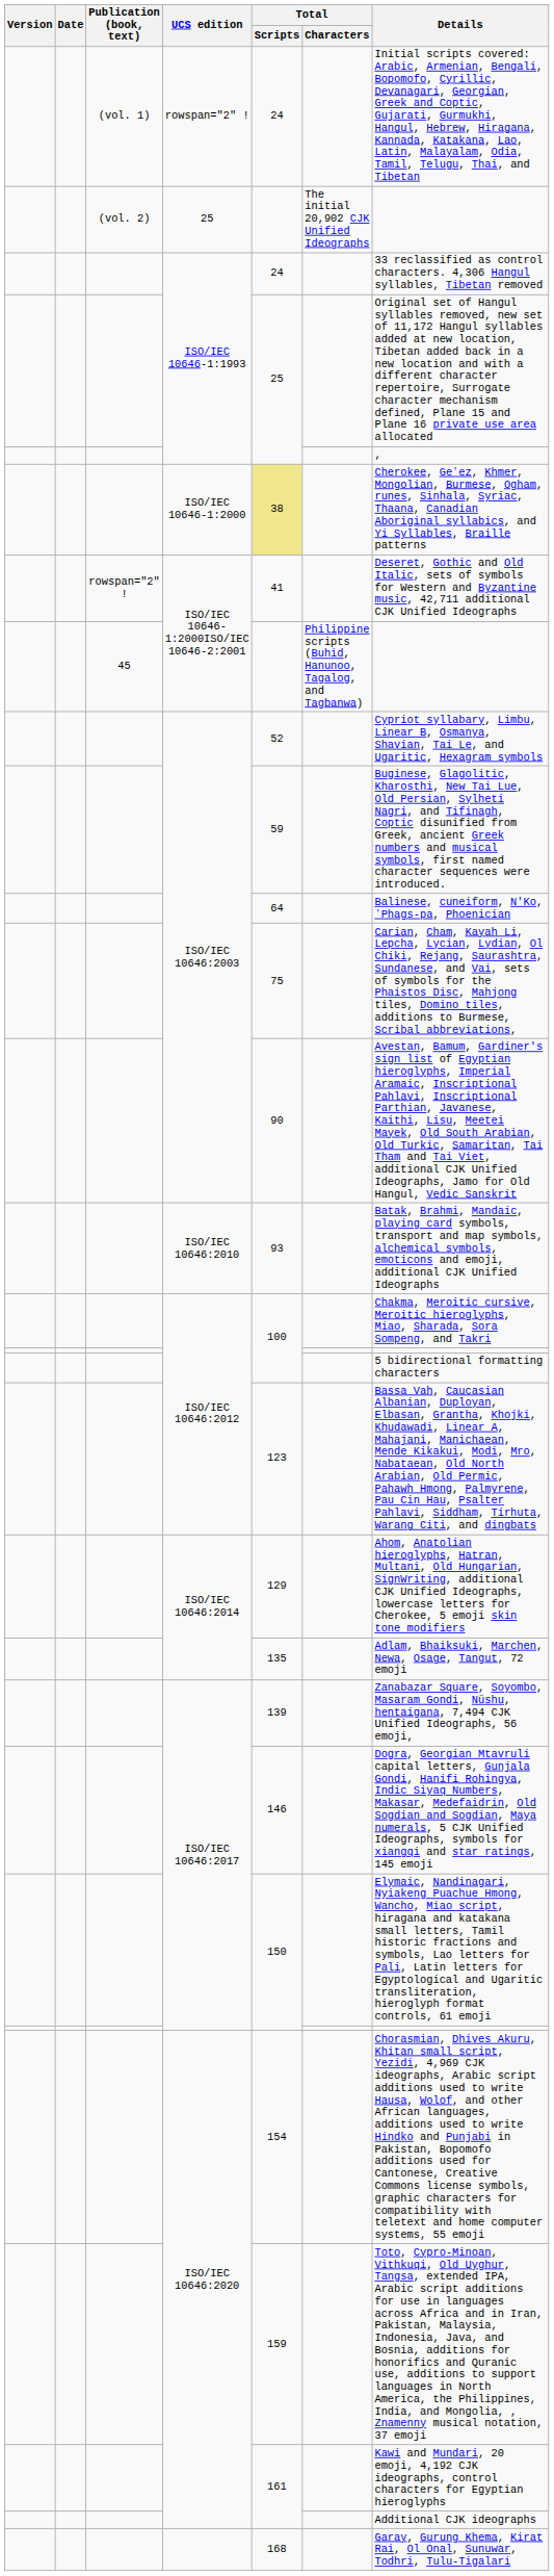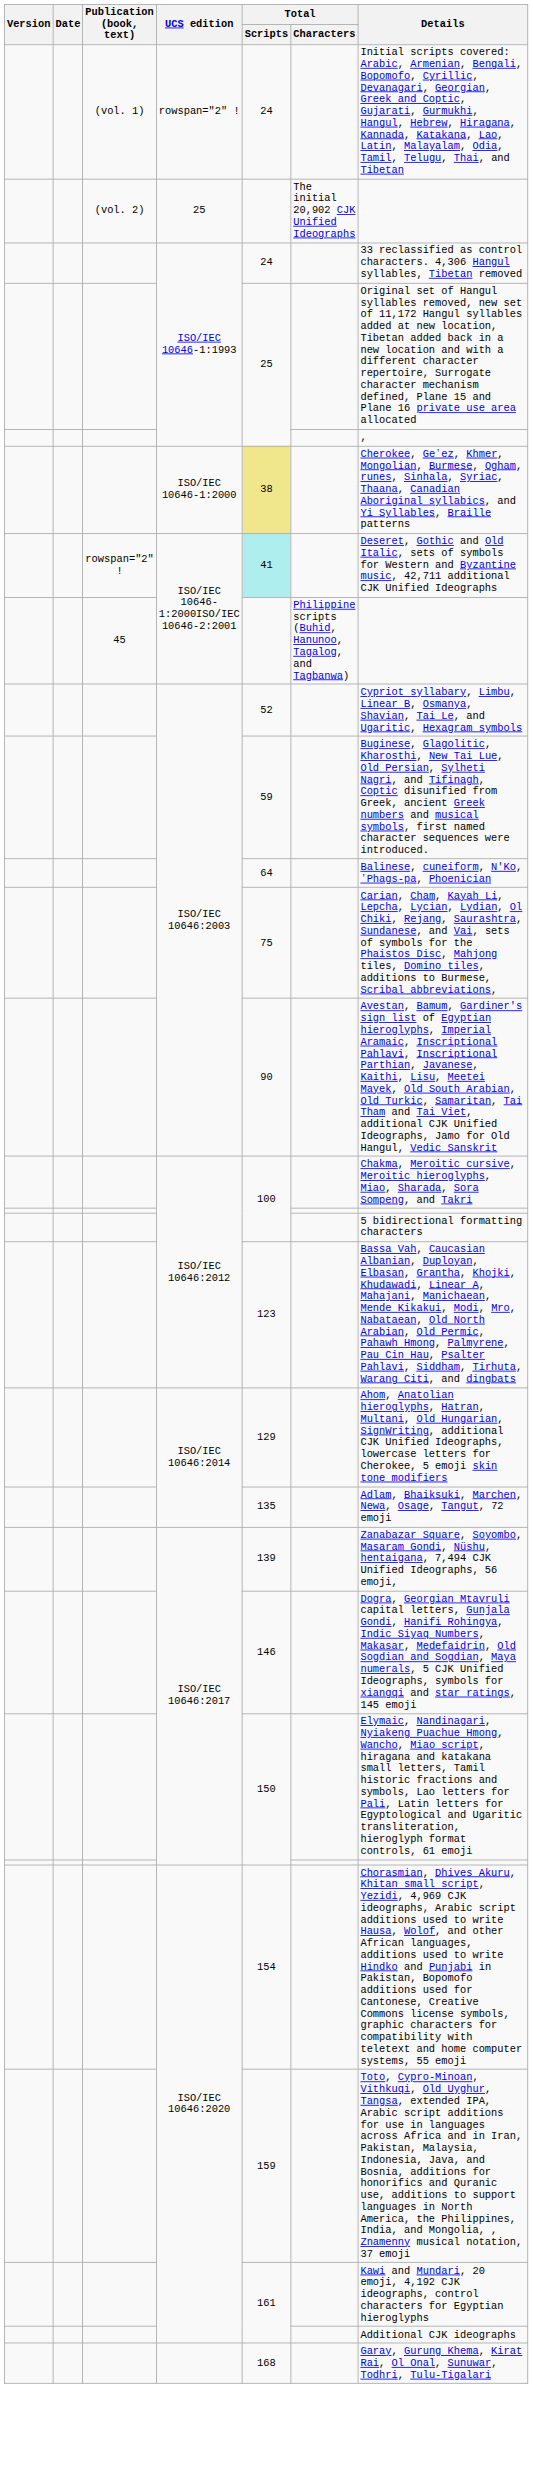 <table class="wikitable sortable sticky-header-multi" style="font-size:95%; width:100%; text-align:center">
 <tr>
 <th scope="col" rowspan="2">Version</th>
 <th scope="col" rowspan="2">Date</th>
 <th scope="col" rowspan="2" class="unsortable">Publication<br>(book, text)</th>
 <th scope="col" rowspan="2"><a href='#'>UCS</a> edition</th>
 <th colspan="2">Total</th>
 <th scope="col" rowspan="2" style="width:44%" class="unsortable">Details</th>
 </tr>
 <tr>
 <th scope="col">Scripts</th>
 <th scope="col">Characters</th>
 </tr>
 <tr id="1.0.0">
 <td></td>
 <td></td>
 <td> (vol. 1)</td>
 <td>rowspan="2" ! </td>
 <td>24</td>
 <td></td>
 <td style="text-align:left">Initial scripts covered: <a href='#'>Arabic</a>, <a href='#'>Armenian</a>, <a href='#'>Bengali</a>, <a href='#'>Bopomofo</a>, <a href='#'>Cyrillic</a>, <a href='#'>Devanagari</a>, <a href='#'>Georgian</a>, <a href='#'>Greek and Coptic</a>, <a href='#'>Gujarati</a>, <a href='#'>Gurmukhi</a>, <a href='#'>Hangul</a>, <a href='#'>Hebrew</a>, <a href='#'>Hiragana</a>, <a href='#'>Kannada</a>, <a href='#'>Katakana</a>, <a href='#'>Lao</a>, <a href='#'>Latin</a>, <a href='#'>Malayalam</a>, <a href='#'>Odia</a>, <a href='#'>Tamil</a>, <a href='#'>Telugu</a>, <a href='#'>Thai</a>, and <a href='#'>Tibetan</a></td>
 </tr>
 <tr id="1.0.1">
 <td></td>
 <td></td>
 <td> (vol. 2)</td>
 <td>25</td>
 <td></td>
 <td style="text-align:left">The initial 20,902 <a href='#'>CJK Unified Ideographs</a></td>
 </tr>
 <tr id="1.1">
 <td></td>
 <td></td>
 <td></td>
 <td rowspan="3"><a href='#'>ISO/IEC 10646</a>-1:1993<br></td>
 <td>24</td>
 <td></td>
 <td style="text-align:left">33 reclassified as control characters. 4,306 <a href='#'>Hangul</a> syllables, <a href='#'>Tibetan</a> removed</td>
 </tr>
 <tr id="2.0">
 <td></td>
 <td></td>
 <td></td>
 <td rowspan="2">25</td>
 <td></td>
 <td style="text-align:left">Original set of Hangul syllables removed, new set of 11,172 Hangul syllables added at new location, Tibetan added back in a new location and with a different character repertoire, Surrogate character mechanism defined, Plane 15 and Plane 16 <a href='#'>private use area</a> allocated</td>
 </tr>
 <tr id="2.1">
 <td></td>
 <td></td>
 <td></td>
 <td></td>
 <td style="text-align:left"><a href='#'></a>, <a href='#'></a></td>
 </tr>
 <tr id="3.0">
 <td></td>
 <td></td>
 <td></td>
 <td>ISO/IEC 10646-1:2000</td>
 <td style="background: khaki;">38</td>
 <td></td>
 <td style="text-align:left"><a href='#'>Cherokee</a>, <a href='#'>Geʽez</a>, <a href='#'>Khmer</a>, <a href='#'>Mongolian</a>, <a href='#'>Burmese</a>, <a href='#'>Ogham</a>, <a href='#'>runes</a>, <a href='#'>Sinhala</a>, <a href='#'>Syriac</a>, <a href='#'>Thaana</a>, <a href='#'>Canadian Aboriginal syllabics</a>, and <a href='#'>Yi Syllables</a>, <a href='#'>Braille</a> patterns</td>
 </tr>
 <tr id="3.1">
 <td></td>
 <td></td>
 <td>rowspan="2" ! </td>
 <td rowspan="2">ISO/IEC 10646-1:2000ISO/IEC 10646-2:2001</td>
-<td>41</td>
+<td style="background: paleturquoise;">41</td>
 <td></td>
 <td style="text-align:left"><a href='#'>Deseret</a>, <a href='#'>Gothic</a> and <a href='#'>Old Italic</a>, sets of symbols for Western and <a href='#'>Byzantine music</a>, 42,711 additional CJK Unified Ideographs</td>
 </tr>
 <tr id="3.2">
 <td></td>
 <td></td>
 <td>45</td>
 <td></td>
 <td style="text-align:left"><a href='#'>Philippine</a> scripts (<a href='#'>Buhid</a>, <a href='#'>Hanunoo</a>, <a href='#'>Tagalog</a>, and <a href='#'>Tagbanwa</a>)</td>
 </tr>
 <tr id="4.0">
 <td></td>
 <td></td>
 <td></td>
 <td rowspan="5">ISO/IEC 10646:2003<br></td>
 <td>52</td>
 <td></td>
 <td style="text-align:left"><a href='#'>Cypriot syllabary</a>, <a href='#'>Limbu</a>, <a href='#'>Linear B</a>, <a href='#'>Osmanya</a>, <a href='#'>Shavian</a>, <a href='#'>Tai Le</a>, and <a href='#'>Ugaritic</a>, <a href='#'>Hexagram symbols</a></td>
 </tr>
 <tr id="4.1">
 <td></td>
 <td></td>
 <td></td>
 <td>59</td>
 <td></td>
 <td style="text-align:left"><a href='#'>Buginese</a>, <a href='#'>Glagolitic</a>, <a href='#'>Kharosthi</a>, <a href='#'>New Tai Lue</a>, <a href='#'>Old Persian</a>, <a href='#'>Sylheti Nagri</a>, and <a href='#'>Tifinagh</a>, <a href='#'>Coptic</a> disunified from Greek, ancient <a href='#'>Greek numbers</a> and <a href='#'>musical symbols</a>, first named character sequences were introduced.</td>
 </tr>
 <tr id="5.0">
 <td></td>
 <td></td>
 <td></td>
 <td>64</td>
 <td></td>
 <td style="text-align:left"><a href='#'>Balinese</a>, <a href='#'>cuneiform</a>, <a href='#'>N'Ko</a>, <a href='#'>ʼPhags-pa</a>, <a href='#'>Phoenician</a></td>
 </tr>
 <tr id="5.1">
 <td></td>
 <td></td>
 <td></td>
 <td>75</td>
 <td></td>
 <td style="text-align:left"><a href='#'>Carian</a>, <a href='#'>Cham</a>, <a href='#'>Kayah Li</a>, <a href='#'>Lepcha</a>, <a href='#'>Lycian</a>, <a href='#'>Lydian</a>, <a href='#'>Ol Chiki</a>, <a href='#'>Rejang</a>, <a href='#'>Saurashtra</a>, <a href='#'>Sundanese</a>, and <a href='#'>Vai</a>, sets of symbols for the <a href='#'>Phaistos Disc</a>, <a href='#'>Mahjong</a> tiles, <a href='#'>Domino tiles</a>, additions to Burmese, <a href='#'>Scribal abbreviations</a>, <a href='#'></a></td>
 </tr>
 <tr id="5.2">
 <td></td>
 <td></td>
 <td></td>
 <td>90</td>
 <td></td>
 <td style="text-align:left"><a href='#'>Avestan</a>, <a href='#'>Bamum</a>, <a href='#'>Gardiner's sign list</a> of <a href='#'>Egyptian hieroglyphs</a>, <a href='#'>Imperial Aramaic</a>, <a href='#'>Inscriptional Pahlavi</a>, <a href='#'>Inscriptional Parthian</a>, <a href='#'>Javanese</a>, <a href='#'>Kaithi</a>, <a href='#'>Lisu</a>, <a href='#'>Meetei Mayek</a>, <a href='#'>Old South Arabian</a>, <a href='#'>Old Turkic</a>, <a href='#'>Samaritan</a>, <a href='#'>Tai Tham</a> and <a href='#'>Tai Viet</a>, additional CJK Unified Ideographs, Jamo for Old Hangul, <a href='#'>Vedic Sanskrit</a></td>
-</tr>
-<tr id="6.0">
-<td></td>
-<td></td>
-<td></td>
-<td>ISO/IEC 10646:2010<br></td>
-<td>93</td>
-<td></td>
-<td style="text-align:left"><a href='#'>Batak</a>, <a href='#'>Brahmi</a>, <a href='#'>Mandaic</a>, <a href='#'>playing card</a> symbols, transport and map symbols, <a href='#'>alchemical symbols</a>, <a href='#'>emoticons</a> and emoji, additional CJK Unified Ideographs</td>
 </tr>
 <tr id="6.1">
 <td></td>
 <td></td>
 <td></td>
 <td rowspan="4">ISO/IEC 10646:2012<br></td>
 <td rowspan="3">100</td>
 <td></td>
 <td style="text-align:left"><a href='#'>Chakma</a>, <a href='#'>Meroitic cursive</a>, <a href='#'>Meroitic hieroglyphs</a>, <a href='#'>Miao</a>, <a href='#'>Sharada</a>, <a href='#'>Sora Sompeng</a>, and <a href='#'>Takri</a></td>
 </tr>
 <tr id="6.2">
 <td></td>
 <td></td>
 <td></td>
 <td></td>
 <td style="text-align:left"></td>
 </tr>
 <tr id="6.3">
 <td></td>
 <td></td>
 <td></td>
 <td></td>
 <td style="text-align:left">5 bidirectional formatting characters</td>
 </tr>
 <tr id="7.0">
 <td></td>
 <td></td>
 <td></td>
 <td>123</td>
 <td></td>
 <td style="text-align:left"><a href='#'>Bassa Vah</a>, <a href='#'>Caucasian Albanian</a>, <a href='#'>Duployan</a>, <a href='#'>Elbasan</a>, <a href='#'>Grantha</a>, <a href='#'>Khojki</a>, <a href='#'>Khudawadi</a>, <a href='#'>Linear A</a>, <a href='#'>Mahajani</a>, <a href='#'>Manichaean</a>, <a href='#'>Mende Kikakui</a>, <a href='#'>Modi</a>, <a href='#'>Mro</a>, <a href='#'>Nabataean</a>, <a href='#'>Old North Arabian</a>, <a href='#'>Old Permic</a>, <a href='#'>Pahawh Hmong</a>, <a href='#'>Palmyrene</a>, <a href='#'>Pau Cin Hau</a>, <a href='#'>Psalter Pahlavi</a>, <a href='#'>Siddham</a>, <a href='#'>Tirhuta</a>, <a href='#'>Warang Citi</a>, and <a href='#'>dingbats</a></td>
 </tr>
 <tr id="8.0">
 <td></td>
 <td></td>
 <td></td>
 <td rowspan="2">ISO/IEC 10646:2014<br></td>
 <td>129</td>
 <td></td>
 <td style="text-align:left"><a href='#'>Ahom</a>, <a href='#'>Anatolian hieroglyphs</a>, <a href='#'>Hatran</a>, <a href='#'>Multani</a>, <a href='#'>Old Hungarian</a>, <a href='#'>SignWriting</a>, additional CJK Unified Ideographs, lowercase letters for Cherokee, 5 emoji <a href='#'>skin tone modifiers</a></td>
 </tr>
 <tr id="9.0">
 <td></td>
 <td></td>
 <td></td>
 <td>135</td>
 <td></td>
 <td style="text-align:left"><a href='#'>Adlam</a>, <a href='#'>Bhaiksuki</a>, <a href='#'>Marchen</a>, <a href='#'>Newa</a>, <a href='#'>Osage</a>, <a href='#'>Tangut</a>, 72 emoji</td>
 </tr>
 <tr id="10.0">
 <td></td>
 <td></td>
 <td></td>
 <td rowspan="4">ISO/IEC 10646:2017<br></td>
 <td>139</td>
 <td></td>
 <td style="text-align:left"><a href='#'>Zanabazar Square</a>, <a href='#'>Soyombo</a>, <a href='#'>Masaram Gondi</a>, <a href='#'>Nüshu</a>, <a href='#'>hentaigana</a>, 7,494 CJK Unified Ideographs, 56 emoji, <a href='#'></a></td>
 </tr>
 <tr id="11.0">
 <td></td>
 <td></td>
 <td></td>
 <td>146</td>
 <td></td>
 <td style="text-align:left"><a href='#'>Dogra</a>, <a href='#'>Georgian Mtavruli</a> capital letters, <a href='#'>Gunjala Gondi</a>, <a href='#'>Hanifi Rohingya</a>, <a href='#'>Indic Siyaq Numbers</a>, <a href='#'>Makasar</a>, <a href='#'>Medefaidrin</a>, <a href='#'>Old Sogdian and Sogdian</a>, <a href='#'>Maya numerals</a>, 5 CJK Unified Ideographs, symbols for <a href='#'>xiangqi</a> and <a href='#'>star ratings</a>, 145 emoji</td>
 </tr>
 <tr id="12.0">
 <td></td>
 <td></td>
 <td></td>
 <td rowspan=2>150</td>
 <td></td>
 <td style="text-align:left"><a href='#'>Elymaic</a>, <a href='#'>Nandinagari</a>, <a href='#'>Nyiakeng Puachue Hmong</a>, <a href='#'>Wancho</a>, <a href='#'>Miao script</a>, hiragana and katakana small letters, Tamil historic fractions and symbols, Lao letters for <a href='#'>Pali</a>, Latin letters for Egyptological and Ugaritic transliteration, hieroglyph format controls, 61 emoji</td>
 </tr>
 <tr id="12.1">
 <td></td>
 <td></td>
 <td></td>
 <td></td>
 <td style="text-align:left"><a href='#'></a></td>
 </tr>
 <tr id="13.0">
 <td></td>
 <td></td>
 <td></td>
 <td rowspan="4">ISO/IEC 10646:2020<br></td>
 <td>154</td>
 <td></td>
 <td style="text-align:left"><a href='#'>Chorasmian</a>, <a href='#'>Dhives Akuru</a>, <a href='#'>Khitan small script</a>, <a href='#'>Yezidi</a>, 4,969 CJK ideographs, Arabic script additions used to write <a href='#'>Hausa</a>, <a href='#'>Wolof</a>, and other African languages, additions used to write <a href='#'>Hindko</a> and <a href='#'>Punjabi</a> in Pakistan, Bopomofo additions used for Cantonese, Creative Commons license symbols, graphic characters for compatibility with teletext and home computer systems, 55 emoji</td>
 </tr>
 <tr id="14.0">
 <td></td>
 <td></td>
 <td></td>
 <td>159</td>
 <td></td>
 <td style="text-align:left"><a href='#'>Toto</a>, <a href='#'>Cypro-Minoan</a>, <a href='#'>Vithkuqi</a>, <a href='#'>Old Uyghur</a>, <a href='#'>Tangsa</a>, extended IPA, Arabic script additions for use in languages across Africa and in Iran, Pakistan, Malaysia, Indonesia, Java, and Bosnia, additions for honorifics and Quranic use, additions to support languages in North America, the Philippines, India, and Mongolia, <a href='#'></a>, <a href='#'>Znamenny</a> musical notation, 37 emoji</td>
 </tr>
 <tr id="15.0">
 <td></td>
 <td></td>
 <td></td>
 <td rowspan="2">161</td>
 <td></td>
 <td style="text-align:left"><a href='#'>Kawi</a> and <a href='#'>Mundari</a>, 20 emoji, 4,192 CJK ideographs, control characters for Egyptian hieroglyphs</td>
 </tr>
 <tr id="15.1">
 <td></td>
 <td></td>
 <td></td>
 <td></td>
 <td style="text-align:left">Additional CJK ideographs</td>
 </tr>
 <tr id="16.0">
 <td></td>
 <td></td>
 <td></td>
 <td></td>
 <td>168</td>
 <td></td>
 <td style="text-align:left"><a href='#'>Garay</a>, <a href='#'>Gurung Khema</a>, <a href='#'>Kirat Rai</a>, <a href='#'>Ol Onal</a>, <a href='#'>Sunuwar</a>, <a href='#'>Todhri</a>, <a href='#'>Tulu-Tigalari</a></td>
 </tr>
 </table>
